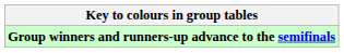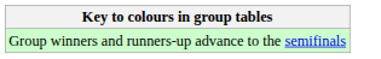 <table class="wikitable">
 <tr>
 <th>Key to colours in group tables</th>
 </tr>
 <tr bgcolor=#ccffcc>
-<td><strong>Group winners and runners-up advance to the <a href='#'>semifinals</a></strong></td>
+<td>Group winners and runners-up advance to the <a href='#'>semifinals</a></td>
 </tr>
 </table>
